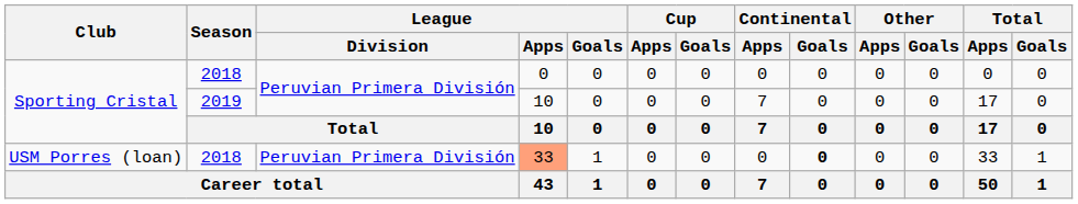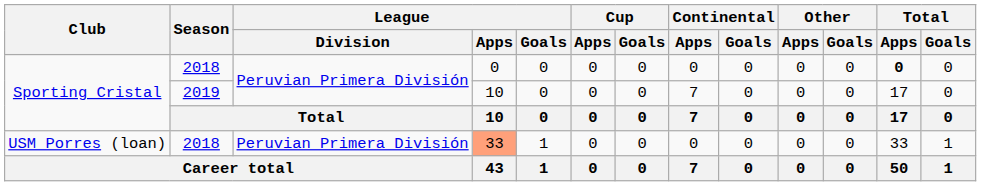 <table class="wikitable" style="text-align: center">
 <tr>
 <th rowspan="2">Club</th>
 <th rowspan="2">Season</th>
 <th colspan="3">League</th>
 <th colspan="2">Cup</th>
 <th colspan="2">Continental</th>
 <th colspan="2">Other</th>
 <th colspan="2">Total</th>
 </tr>
 <tr>
 <th>Division</th>
 <th>Apps</th>
 <th>Goals</th>
 <th>Apps</th>
 <th>Goals</th>
 <th>Apps</th>
 <th>Goals</th>
 <th>Apps</th>
 <th>Goals</th>
 <th>Apps</th>
 <th>Goals</th>
 </tr>
 <tr>
 <td rowspan="3"><a href='#'>Sporting Cristal</a></td>
 <td><a href='#'>2018</a></td>
 <td rowspan="2"><a href='#'>Peruvian Primera División</a></td>
 <td>0</td>
 <td>0</td>
 <td>0</td>
 <td>0</td>
 <td>0</td>
 <td>0</td>
 <td>0</td>
 <td>0</td>
-<td>0</td>
+<td><strong>0</strong></td>
 <td>0</td>
 </tr>
 <tr>
 <td><a href='#'>2019</a></td>
 <td>10</td>
 <td>0</td>
 <td>0</td>
 <td>0</td>
 <td>7</td>
 <td>0</td>
 <td>0</td>
 <td>0</td>
 <td>17</td>
 <td>0</td>
 </tr>
 <tr>
 <th colspan="2"><strong>Total</strong></th>
 <th>10</th>
 <th>0</th>
 <th>0</th>
 <th>0</th>
 <th>7</th>
 <th>0</th>
 <th>0</th>
 <th>0</th>
 <th>17</th>
 <th>0</th>
 </tr>
 <tr>
 <td><a href='#'>USM Porres</a> (loan)</td>
 <td><a href='#'>2018</a></td>
 <td><a href='#'>Peruvian Primera División</a></td>
 <td style="background: lightsalmon;">33</td>
 <td>1</td>
 <td>0</td>
 <td>0</td>
 <td>0</td>
-<td><strong>0</strong></td>
+<td>0</td>
 <td>0</td>
 <td>0</td>
 <td>33</td>
 <td>1</td>
 </tr>
 <tr>
 <th colspan="3"><strong>Career total</strong></th>
 <th>43</th>
 <th>1</th>
 <th>0</th>
 <th>0</th>
 <th>7</th>
 <th>0</th>
 <th>0</th>
 <th>0</th>
 <th>50</th>
 <th>1</th>
 </tr>
 </table>
